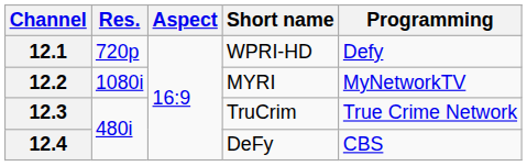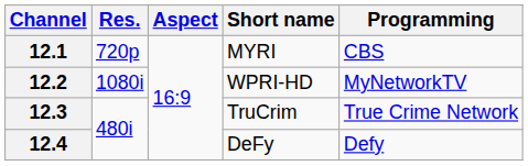 <table class="wikitable">
 <tr>
 <th scope = "col"><a href='#'>Channel</a></th>
 <th scope = "col"><a href='#'>Res.</a></th>
 <th scope = "col"><a href='#'>Aspect</a></th>
 <th scope = "col">Short name</th>
 <th scope = "col">Programming</th>
 </tr>
 <tr>
 <th scope = "row">12.1</th>
 <td><a href='#'>720p</a></td>
 <td rowspan=4><a href='#'>16:9</a></td>
-<td>WPRI-HD</td>
-<td><a href='#'>Defy</a></td>
+<td>MYRI</td>
+<td><a href='#'>CBS</a></td>
 </tr>
 <tr>
 <th scope = "row">12.2</th>
 <td><a href='#'>1080i</a></td>
-<td>MYRI</td>
+<td>WPRI-HD</td>
 <td><a href='#'>MyNetworkTV</a></td>
 </tr>
 <tr>
 <th scope = "row">12.3</th>
 <td rowspan=2><a href='#'>480i</a></td>
 <td>TruCrim</td>
 <td><a href='#'>True Crime Network</a></td>
 </tr>
 <tr>
 <th scope = "row">12.4</th>
 <td>DeFy</td>
-<td><a href='#'>CBS</a></td>
+<td><a href='#'>Defy</a></td>
 </tr>
 </table>
